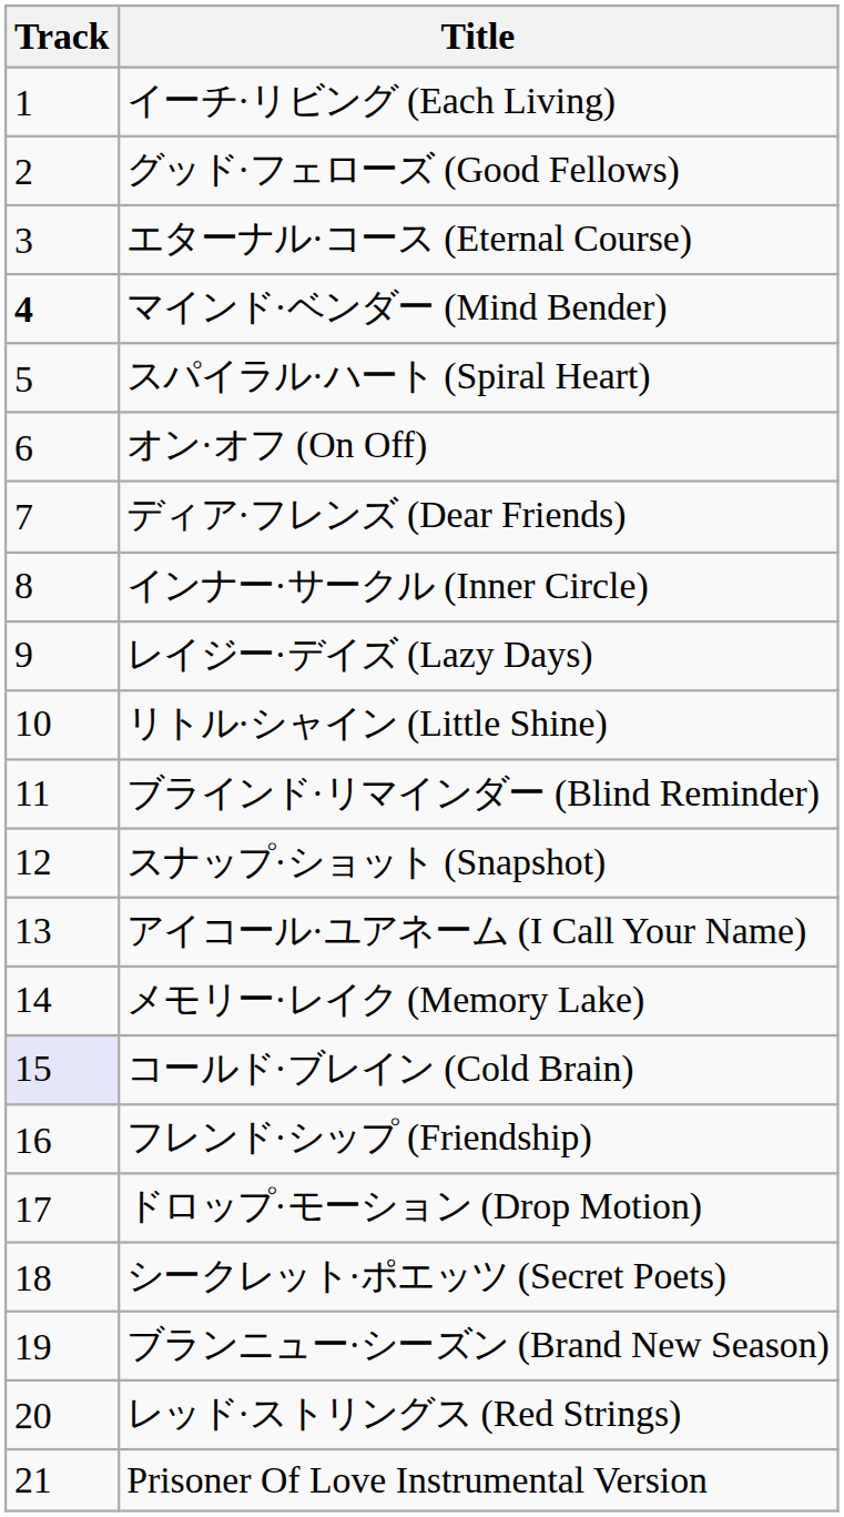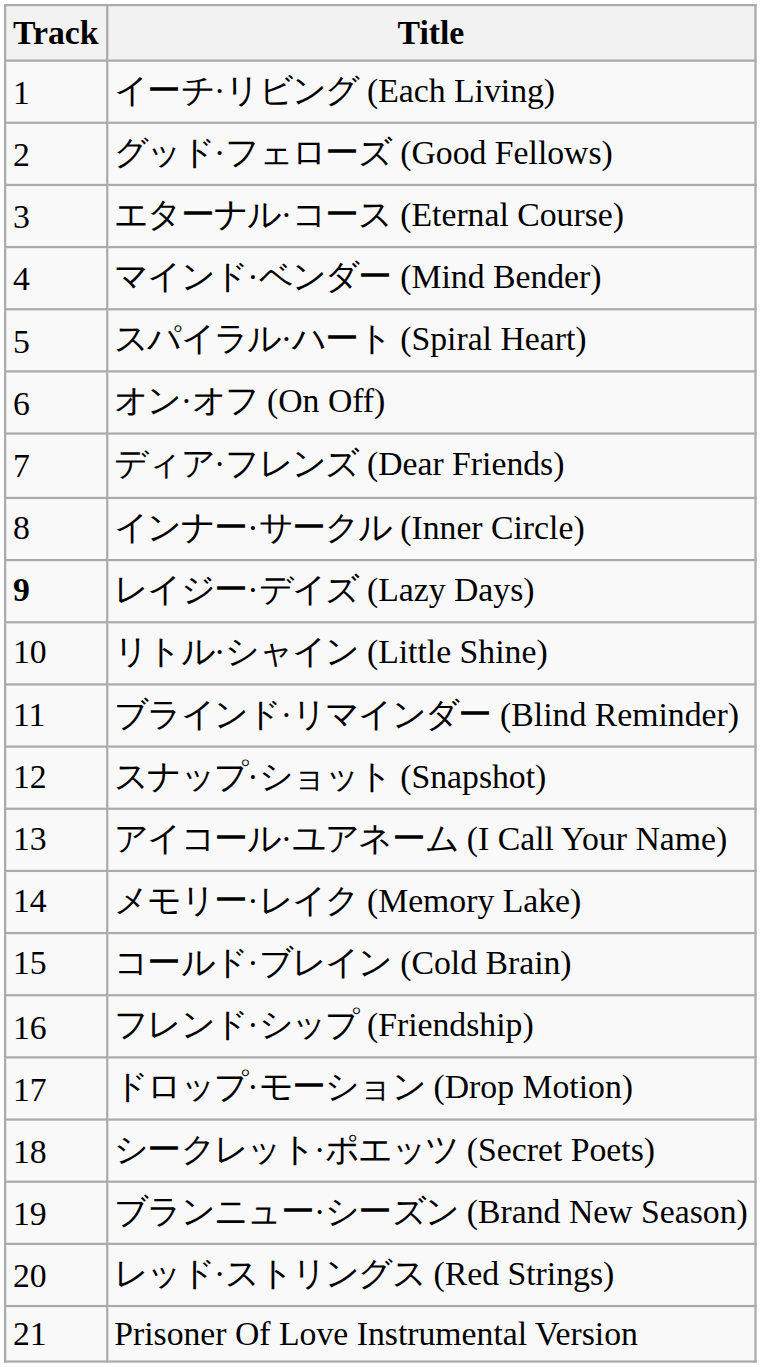 <table class="wikitable" style="font-size: 95%;">
 <tr>
 <th>Track</th>
 <th>Title</th>
 </tr>
 <tr>
 <td>1</td>
 <td>イーチ·リビング (Each Living)</td>
 </tr>
 <tr>
 <td>2</td>
 <td>グッド·フェローズ (Good Fellows)</td>
 </tr>
 <tr>
 <td>3</td>
 <td>エターナル·コース (Eternal Course)</td>
 </tr>
 <tr>
-<td><strong>4</strong></td>
+<td>4</td>
 <td>マインド·ベンダー (Mind Bender)</td>
 </tr>
 <tr>
 <td>5</td>
 <td>スパイラル·ハート (Spiral Heart)</td>
 </tr>
 <tr>
 <td>6</td>
 <td>オン·オフ (On Off)</td>
 </tr>
 <tr>
 <td>7</td>
 <td>ディア·フレンズ (Dear Friends)</td>
 </tr>
 <tr>
 <td>8</td>
 <td>インナー·サークル (Inner Circle)</td>
 </tr>
 <tr>
-<td>9</td>
+<td><strong>9</strong></td>
 <td>レイジー·デイズ (Lazy Days)</td>
 </tr>
 <tr>
 <td>10</td>
 <td>リトル·シャイン (Little Shine)</td>
 </tr>
 <tr>
 <td>11</td>
 <td>ブラインド·リマインダー (Blind Reminder)</td>
 </tr>
 <tr>
 <td>12</td>
 <td>スナップ·ショット (Snapshot)</td>
 </tr>
 <tr>
 <td>13</td>
 <td>アイコール·ユアネーム (I Call Your Name)</td>
 </tr>
 <tr>
 <td>14</td>
 <td>メモリー·レイク (Memory Lake)</td>
 </tr>
 <tr>
-<td style="background: lavender;">15</td>
+<td>15</td>
 <td>コールド·ブレイン (Cold Brain)</td>
 </tr>
 <tr>
 <td>16</td>
 <td>フレンド·シップ (Friendship)</td>
 </tr>
 <tr>
 <td>17</td>
 <td>ドロップ·モーション (Drop Motion)</td>
 </tr>
 <tr>
 <td>18</td>
 <td>シークレット·ポエッツ (Secret Poets)</td>
 </tr>
 <tr>
 <td>19</td>
 <td>ブランニュー·シーズン (Brand New Season)</td>
 </tr>
 <tr>
 <td>20</td>
 <td>レッド·ストリングス (Red Strings)</td>
 </tr>
 <tr>
 <td>21</td>
 <td>Prisoner Of Love Instrumental Version</td>
 </tr>
 </table>
